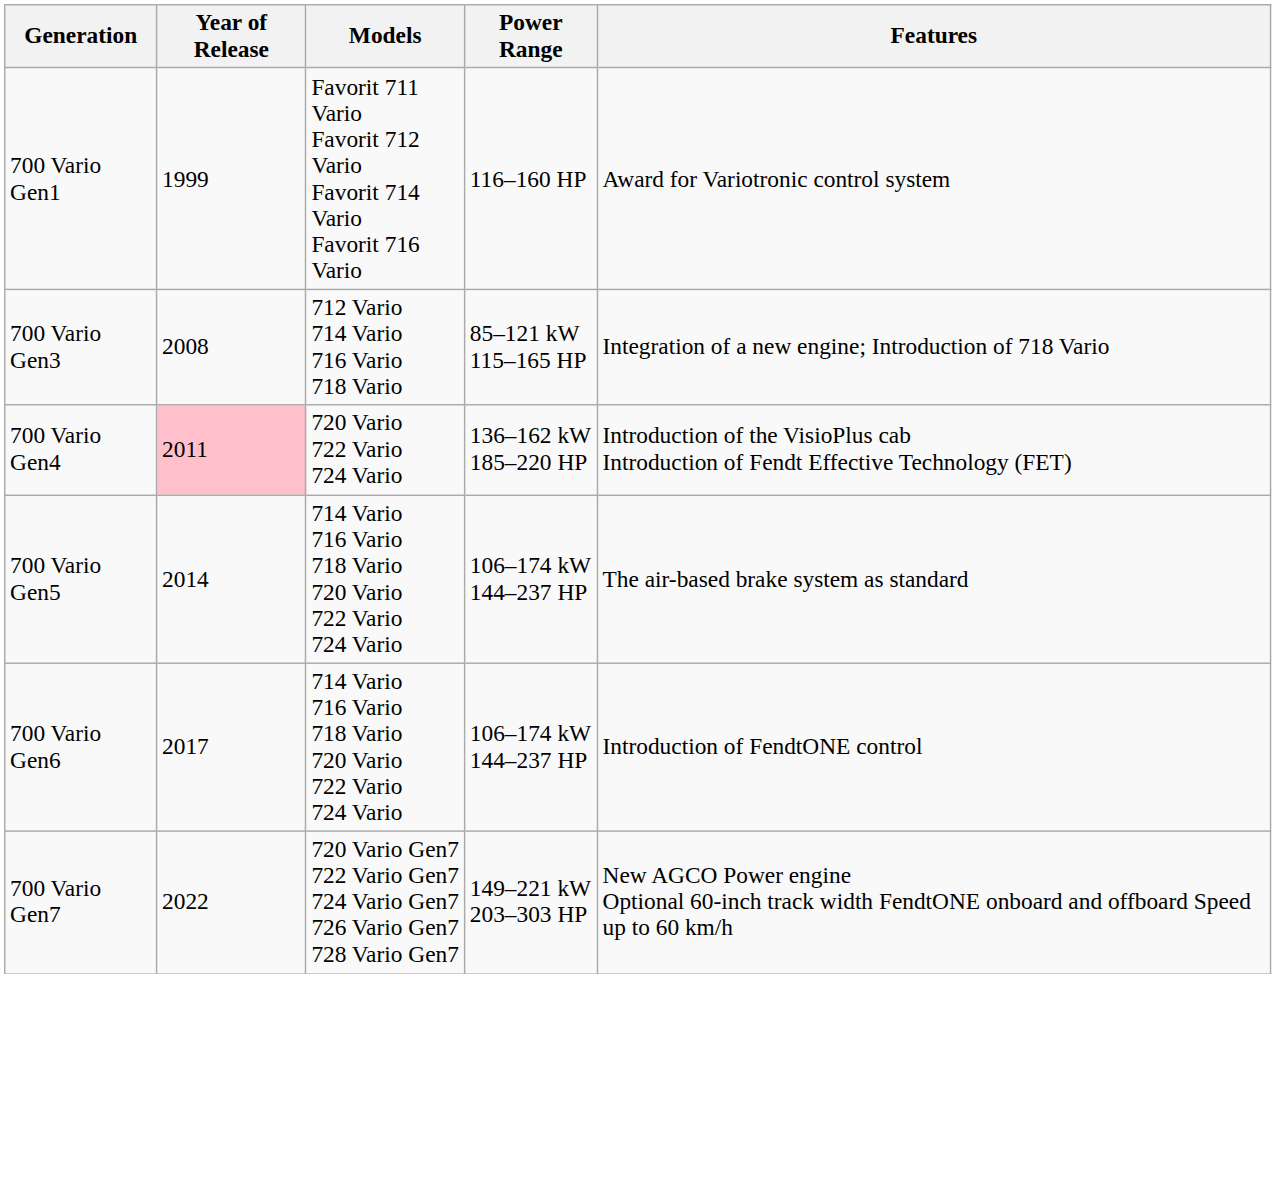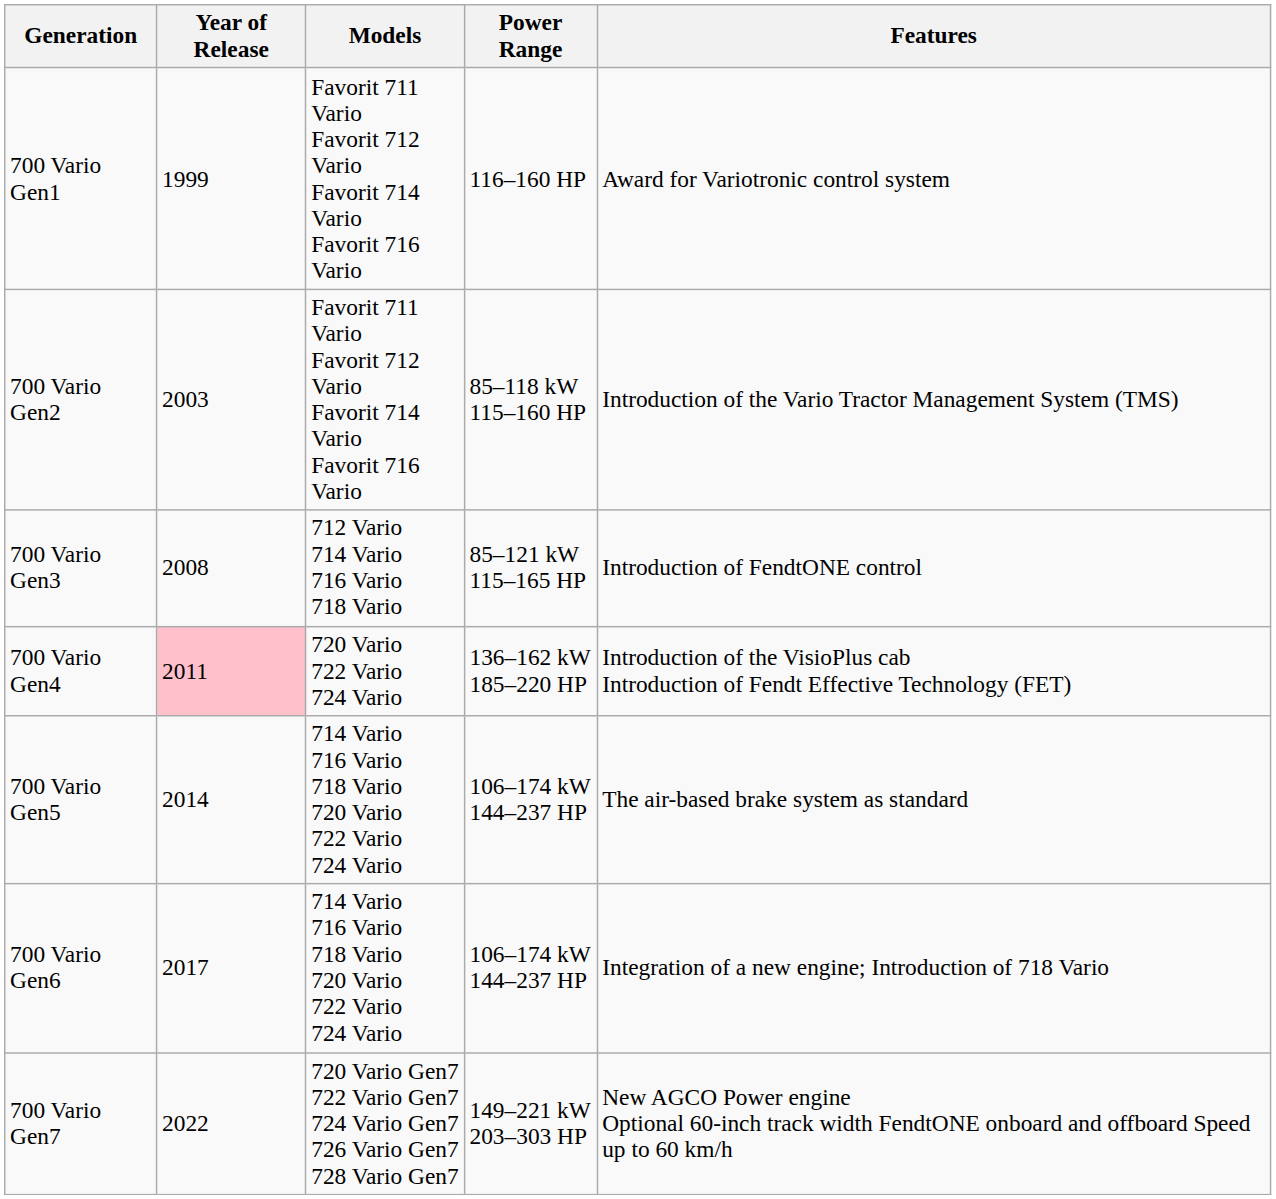 <table class="wikitable">
 <tr>
 <th>Generation</th>
 <th>Year of Release</th>
 <th>Models</th>
 <th>Power Range</th>
 <th>Features</th>
 </tr>
 <tr>
 <td>700 Vario Gen1</td>
 <td>1999</td>
 <td>Favorit 711 Vario<br>Favorit 712 Vario<br>Favorit 714 Vario<br>Favorit 716 Vario</td>
 <td>116–160 HP</td>
 <td>Award for Variotronic control system</td>
 </tr>
 <tr>
+<td>700 Vario Gen2</td>
+<td>2003</td>
+<td>Favorit 711 Vario<br>Favorit 712 Vario<br>Favorit 714 Vario<br>Favorit 716 Vario</td>
+<td>85–118 kW<br>115–160 HP</td>
+<td>Introduction of the Vario Tractor Management System (TMS)</td>
+</tr>
+<tr>
 <td>700 Vario Gen3</td>
 <td>2008</td>
 <td>712 Vario<br>714 Vario<br>716 Vario<br>718 Vario</td>
 <td>85–121 kW<br>115–165 HP</td>
-<td>Integration of a new engine; Introduction of 718 Vario</td>
+<td>Introduction of FendtONE control</td>
 </tr>
 <tr>
 <td>700 Vario Gen4</td>
 <td style="background: pink;">2011</td>
 <td>720 Vario<br>722 Vario<br>724 Vario</td>
 <td>136–162 kW<br>185–220 HP</td>
 <td>Introduction of the VisioPlus cab<br>Introduction of Fendt Effective Technology (FET)</td>
 </tr>
 <tr>
 <td>700 Vario Gen5</td>
 <td>2014</td>
 <td>714 Vario<br>716 Vario<br>718 Vario<br>720 Vario<br>722 Vario<br>724 Vario</td>
 <td>106–174 kW<br>144–237 HP</td>
 <td>The air-based brake system as standard</td>
 </tr>
 <tr>
 <td>700 Vario Gen6</td>
 <td>2017</td>
 <td>714 Vario<br>716 Vario<br>718 Vario<br>720 Vario<br>722 Vario<br>724 Vario</td>
 <td>106–174 kW<br>144–237 HP</td>
-<td>Introduction of FendtONE control</td>
+<td>Integration of a new engine; Introduction of 718 Vario</td>
 </tr>
 <tr>
 <td>700 Vario Gen7</td>
 <td>2022</td>
 <td>720 Vario Gen7<br>722 Vario Gen7<br>724 Vario Gen7<br>726 Vario Gen7<br>728 Vario Gen7</td>
 <td>149–221 kW<br>203–303 HP</td>
 <td>New AGCO Power engine<br>Optional 60-inch track width  FendtONE onboard and offboard Speed up to 60 km/h</td>
 </tr>
 </table>
